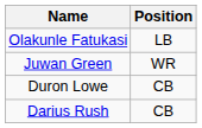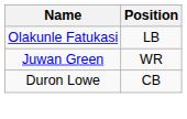 <table class="wikitable" style="text-align:center">
 <tr>
 <th>Name</th>
 <th>Position</th>
 </tr>
 <tr>
 <td><a href='#'>Olakunle Fatukasi</a></td>
 <td>LB</td>
 </tr>
 <tr>
 <td><a href='#'>Juwan Green</a></td>
 <td>WR</td>
 </tr>
 <tr>
 <td>Duron Lowe</td>
 <td>CB</td>
 </tr>
-<tr>
-<td><a href='#'>Darius Rush</a></td>
-<td>CB</td>
-</tr>
 </table>
